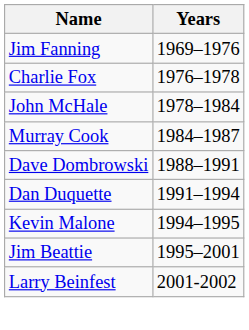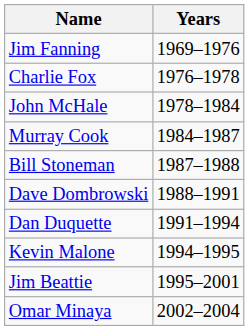 <table class="wikitable">
 <tr>
 <th>Name</th>
 <th>Years</th>
 </tr>
 <tr>
 <td><a href='#'>Jim Fanning</a></td>
 <td>1969–1976</td>
 </tr>
 <tr>
 <td><a href='#'>Charlie Fox</a></td>
 <td>1976–1978</td>
 </tr>
 <tr>
 <td><a href='#'>John McHale</a></td>
 <td>1978–1984</td>
 </tr>
 <tr>
 <td><a href='#'>Murray Cook</a></td>
 <td>1984–1987</td>
 </tr>
 <tr>
+<td><a href='#'>Bill Stoneman</a></td>
+<td>1987–1988</td>
+</tr>
+<tr>
 <td><a href='#'>Dave Dombrowski</a></td>
 <td>1988–1991</td>
 </tr>
 <tr>
 <td><a href='#'>Dan Duquette</a></td>
 <td>1991–1994</td>
 </tr>
 <tr>
 <td><a href='#'>Kevin Malone</a></td>
 <td>1994–1995</td>
 </tr>
 <tr>
 <td><a href='#'>Jim Beattie</a></td>
 <td>1995–2001</td>
 </tr>
 <tr>
-<td><a href='#'>Larry Beinfest</a></td>
-<td>2001-2002</td>
+<td><a href='#'>Omar Minaya</a></td>
+<td>2002–2004</td>
 </tr>
 </table>
